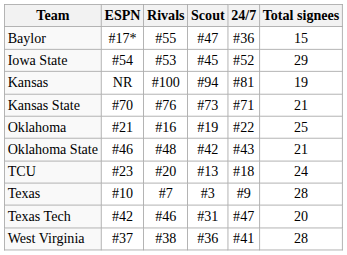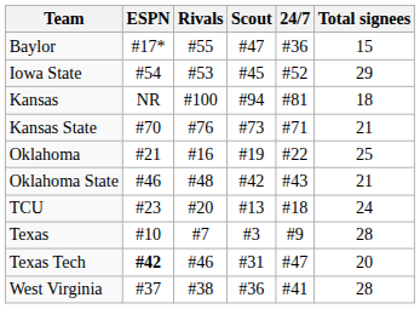 <table class="wikitable sortable">
 <tr>
 <th>Team</th>
 <th>ESPN</th>
 <th>Rivals</th>
 <th>Scout</th>
 <th>24/7</th>
 <th>Total signees</th>
 </tr>
 <tr>
 <td>Baylor</td>
 <td style="text-align:center; background:white">#17*</td>
 <td style="text-align:center; background:white">#55</td>
 <td style="text-align:center; background:white">#47</td>
 <td style="text-align:center; background:white">#36</td>
 <td style="text-align:center; background:white">15</td>
 </tr>
 <tr>
 <td>Iowa State</td>
 <td style="text-align:center; background:white">#54</td>
 <td style="text-align:center; background:white">#53</td>
 <td style="text-align:center; background:white">#45</td>
 <td style="text-align:center; background:white">#52</td>
 <td style="text-align:center; background:white">29</td>
 </tr>
 <tr>
 <td>Kansas</td>
 <td style="text-align:center; background:white">NR</td>
 <td style="text-align:center; background:white">#100</td>
 <td style="text-align:center; background:white">#94</td>
 <td style="text-align:center; background:white">#81</td>
-<td style="text-align:center; background:white">19</td>
+<td style="text-align:center; background:white">18</td>
 </tr>
 <tr>
 <td>Kansas State</td>
 <td style="text-align:center; background:white">#70</td>
 <td style="text-align:center; background:white">#76</td>
 <td style="text-align:center; background:white">#73</td>
 <td style="text-align:center; background:white">#71</td>
 <td style="text-align:center; background:white">21</td>
 </tr>
 <tr>
 <td>Oklahoma</td>
 <td style="text-align:center; background:white">#21</td>
 <td style="text-align:center; background:white">#16</td>
 <td style="text-align:center; background:white">#19</td>
 <td style="text-align:center; background:white">#22</td>
 <td style="text-align:center; background:white">25</td>
 </tr>
 <tr>
 <td>Oklahoma State</td>
 <td style="text-align:center; background:white">#46</td>
 <td style="text-align:center; background:white">#48</td>
 <td style="text-align:center; background:white">#42</td>
 <td style="text-align:center; background:white">#43</td>
 <td style="text-align:center; background:white">21</td>
 </tr>
 <tr>
 <td>TCU</td>
 <td style="text-align:center; background:white">#23</td>
 <td style="text-align:center; background:white">#20</td>
 <td style="text-align:center; background:white">#13</td>
 <td style="text-align:center; background:white">#18</td>
 <td style="text-align:center; background:white">24</td>
 </tr>
 <tr>
 <td>Texas</td>
 <td style="text-align:center; background:white">#10</td>
 <td style="text-align:center; background:white">#7</td>
 <td style="text-align:center; background:white">#3</td>
 <td style="text-align:center; background:white">#9</td>
 <td style="text-align:center; background:white">28</td>
 </tr>
 <tr>
 <td>Texas Tech</td>
-<td style="text-align:center; background:white">#42</td>
+<td style="text-align:center; background:white"><strong>#42</strong></td>
 <td style="text-align:center; background:white">#46</td>
 <td style="text-align:center; background:white">#31</td>
 <td style="text-align:center; background:white">#47</td>
 <td style="text-align:center; background:white">20</td>
 </tr>
 <tr>
 <td>West Virginia</td>
 <td style="text-align:center; background:white">#37</td>
 <td style="text-align:center; background:white">#38</td>
 <td style="text-align:center; background:white">#36</td>
 <td style="text-align:center; background:white">#41</td>
 <td style="text-align:center; background:white">28</td>
 </tr>
 </table>
